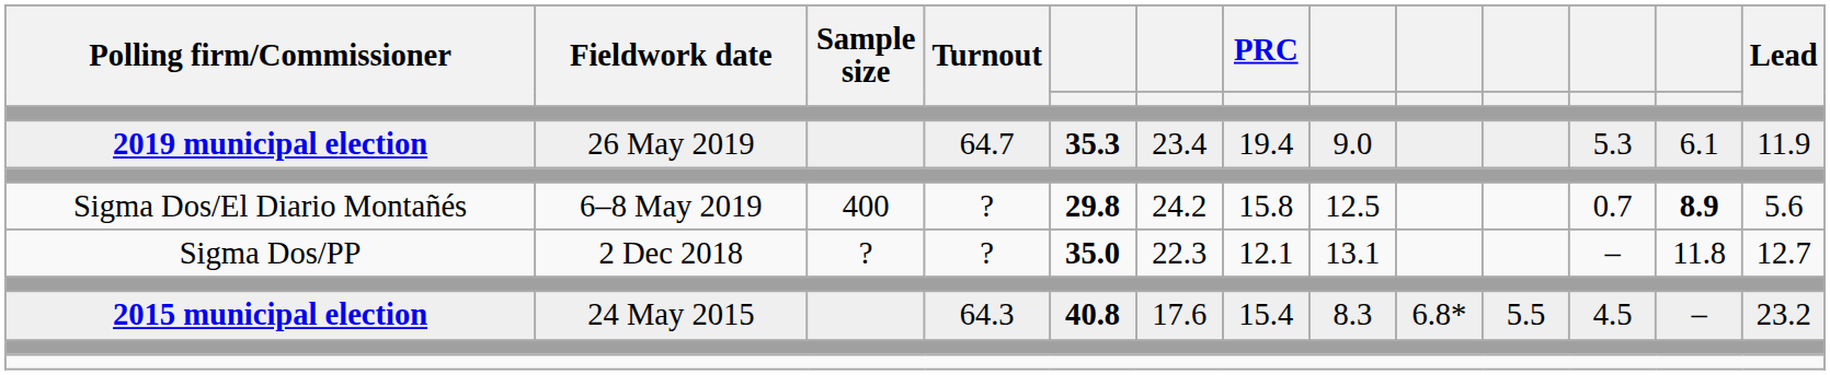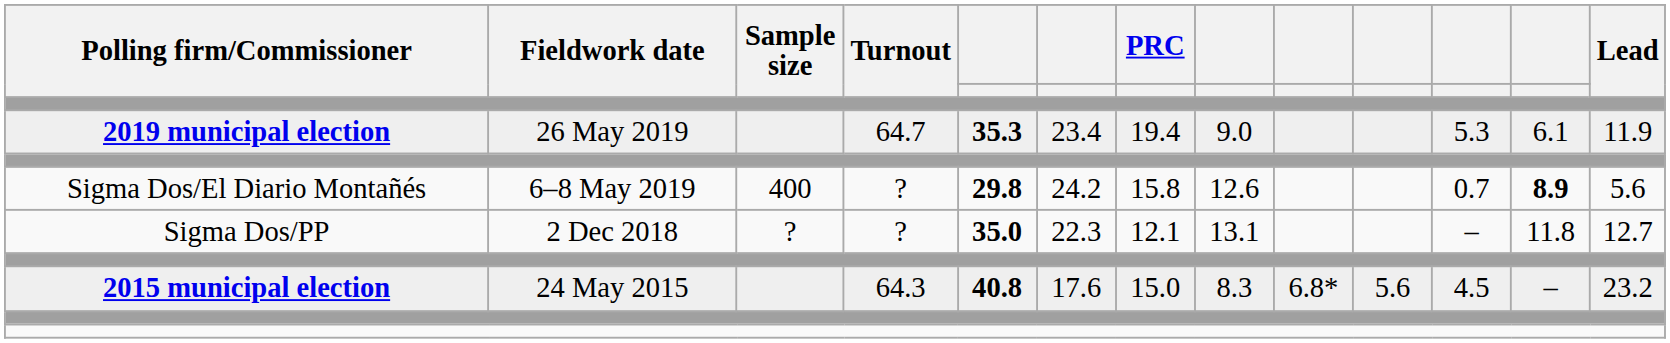 <table class="wikitable collapsible collapsed" style="text-align:center; font-size:95%; line-height:16px;">
 <tr style="height:42px;">
 <th style="width:250px;" rowspan="2">Polling firm/Commissioner</th>
 <th style="width:125px;" rowspan="2">Fieldwork date</th>
 <th style="width:50px;" rowspan="2">Sample size</th>
 <th style="width:45px;" rowspan="2">Turnout</th>
 <th style="width:35px;"></th>
 <th style="width:35px;"></th>
 <th style="width:35px;"><a href='#'>PRC</a></th>
 <th style="width:35px;"></th>
 <th style="width:35px;"></th>
 <th style="width:35px;"></th>
 <th style="width:35px;"></th>
 <th style="width:35px;"></th>
 <th style="width:30px;" rowspan="2">Lead</th>
 </tr>
 <tr>
 <th style="color:inherit;background:"></th>
 <th style="color:inherit;background:"></th>
 <th style="color:inherit;background:"></th>
 <th style="color:inherit;background:"></th>
 <th style="color:inherit;background:"></th>
 <th style="color:inherit;background:"></th>
 <th style="color:inherit;background:"></th>
 <th style="color:inherit;background:"></th>
 </tr>
 <tr>
 <td colspan="13" style="background:#A0A0A0"></td>
 </tr>
 <tr style="background:#EFEFEF;">
 <td><strong><a href='#'>2019 municipal election</a></strong></td>
 <td>26 May 2019</td>
 <td></td>
 <td>64.7</td>
 <td><strong>35.3</strong><br></td>
 <td>23.4<br></td>
 <td>19.4<br></td>
 <td>9.0<br></td>
 <td></td>
 <td></td>
 <td>5.3<br></td>
 <td>6.1<br></td>
 <td style="background:">11.9</td>
 </tr>
 <tr>
 <td colspan="13" style="background:#A0A0A0"></td>
 </tr>
 <tr>
 <td>Sigma Dos/El Diario Montañés</td>
 <td>6–8 May 2019</td>
 <td>400</td>
 <td>?</td>
 <td><strong>29.8</strong><br></td>
 <td>24.2<br></td>
 <td>15.8<br></td>
-<td>12.5<br></td>
+<td>12.6<br></td>
 <td></td>
 <td></td>
 <td>0.7<br></td>
 <td><strong>8.9<br></strong></td>
 <td style="background:">5.6</td>
 </tr>
 <tr>
 <td>Sigma Dos/PP</td>
 <td>2 Dec 2018</td>
 <td>?</td>
 <td>?</td>
 <td><strong>35.0</strong><br></td>
 <td>22.3<br></td>
 <td>12.1<br></td>
 <td>13.1<br></td>
 <td></td>
 <td></td>
 <td>–</td>
 <td>11.8<br></td>
 <td style="background:">12.7</td>
 </tr>
 <tr>
 <td colspan="13" style="background:#A0A0A0"></td>
 </tr>
 <tr style="background:#EFEFEF;">
 <td><strong><a href='#'>2015 municipal election</a></strong></td>
 <td>24 May 2015</td>
 <td></td>
 <td>64.3</td>
 <td><strong>40.8</strong><br></td>
 <td>17.6<br></td>
-<td>15.4<br></td>
+<td>15.0<br></td>
 <td>8.3<br></td>
 <td>6.8*<br></td>
-<td>5.5<br></td>
+<td>5.6<br></td>
 <td>4.5<br></td>
 <td>–</td>
 <td style="background:">23.2</td>
 </tr>
 <tr>
 <td colspan="13" style="background:#A0A0A0"></td>
 </tr>
 <tr>
 <td align="left" colspan="13"></td>
 </tr>
 </table>
